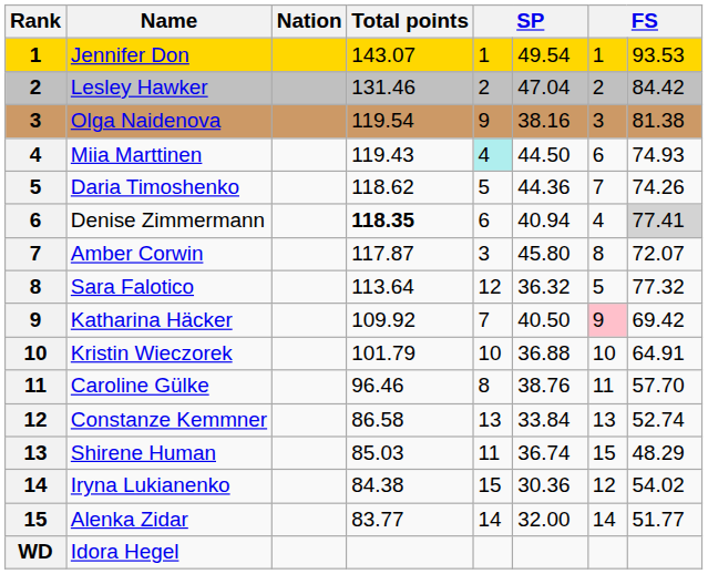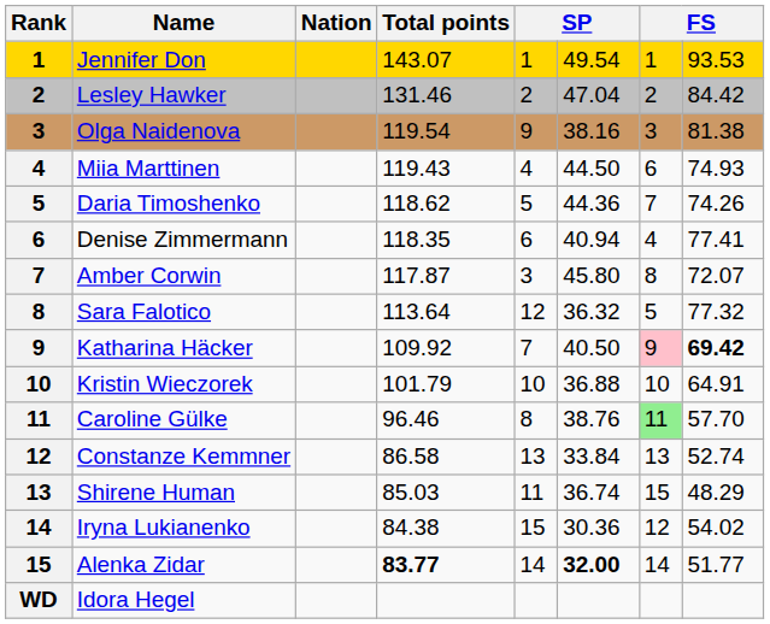 <table class="wikitable">
 <tr>
 <th>Rank</th>
 <th>Name</th>
 <th>Nation</th>
 <th>Total points</th>
 <th colspan="2" width="80px"><a href='#'>SP</a></th>
 <th colspan="2" width="80px"><a href='#'>FS</a></th>
 </tr>
 <tr bgcolor="gold">
 <td align="center"><strong>1</strong></td>
 <td><a href='#'>Jennifer Don</a></td>
 <td></td>
 <td>143.07</td>
 <td>1</td>
 <td>49.54</td>
 <td>1</td>
 <td>93.53</td>
 </tr>
 <tr bgcolor="silver">
 <td align="center"><strong>2</strong></td>
 <td><a href='#'>Lesley Hawker</a></td>
 <td></td>
 <td>131.46</td>
 <td>2</td>
 <td>47.04</td>
 <td>2</td>
 <td>84.42</td>
 </tr>
 <tr bgcolor="cc9966">
 <td align="center"><strong>3</strong></td>
 <td><a href='#'>Olga Naidenova</a></td>
 <td></td>
 <td>119.54</td>
 <td>9</td>
 <td>38.16</td>
 <td>3</td>
 <td>81.38</td>
 </tr>
 <tr>
 <th>4</th>
 <td><a href='#'>Miia Marttinen</a></td>
 <td></td>
 <td>119.43</td>
-<td style="background: paleturquoise;">4</td>
+<td>4</td>
 <td>44.50</td>
 <td>6</td>
 <td>74.93</td>
 </tr>
 <tr>
 <th>5</th>
 <td><a href='#'>Daria Timoshenko</a></td>
 <td></td>
 <td>118.62</td>
 <td>5</td>
 <td>44.36</td>
 <td>7</td>
 <td>74.26</td>
 </tr>
 <tr>
 <th>6</th>
 <td>Denise Zimmermann</td>
 <td></td>
-<td><strong>118.35</strong></td>
+<td>118.35</td>
 <td>6</td>
 <td>40.94</td>
 <td>4</td>
-<td style="background: lightgrey;">77.41</td>
+<td>77.41</td>
 </tr>
 <tr>
 <th>7</th>
 <td><a href='#'>Amber Corwin</a></td>
 <td></td>
 <td>117.87</td>
 <td>3</td>
 <td>45.80</td>
 <td>8</td>
 <td>72.07</td>
 </tr>
 <tr>
 <th>8</th>
 <td><a href='#'>Sara Falotico</a></td>
 <td></td>
 <td>113.64</td>
 <td>12</td>
 <td>36.32</td>
 <td>5</td>
 <td>77.32</td>
 </tr>
 <tr>
 <th>9</th>
 <td><a href='#'>Katharina Häcker</a></td>
 <td></td>
 <td>109.92</td>
 <td>7</td>
 <td>40.50</td>
 <td style="background: pink;">9</td>
-<td>69.42</td>
+<td><strong>69.42</strong></td>
 </tr>
 <tr>
 <th>10</th>
 <td><a href='#'>Kristin Wieczorek</a></td>
 <td></td>
 <td>101.79</td>
 <td>10</td>
 <td>36.88</td>
 <td>10</td>
 <td>64.91</td>
 </tr>
 <tr>
 <th>11</th>
 <td><a href='#'>Caroline Gülke</a></td>
 <td></td>
 <td>96.46</td>
 <td>8</td>
 <td>38.76</td>
-<td>11</td>
+<td style="background: lightgreen;">11</td>
 <td>57.70</td>
 </tr>
 <tr>
 <th>12</th>
 <td><a href='#'>Constanze Kemmner</a></td>
 <td></td>
 <td>86.58</td>
 <td>13</td>
 <td>33.84</td>
 <td>13</td>
 <td>52.74</td>
 </tr>
 <tr>
 <th>13</th>
 <td><a href='#'>Shirene Human</a></td>
 <td></td>
 <td>85.03</td>
 <td>11</td>
 <td>36.74</td>
 <td>15</td>
 <td>48.29</td>
 </tr>
 <tr>
 <th>14</th>
 <td><a href='#'>Iryna Lukianenko</a></td>
 <td></td>
 <td>84.38</td>
 <td>15</td>
 <td>30.36</td>
 <td>12</td>
 <td>54.02</td>
 </tr>
 <tr>
 <th>15</th>
 <td><a href='#'>Alenka Zidar</a></td>
 <td></td>
-<td>83.77</td>
+<td><strong>83.77</strong></td>
 <td>14</td>
-<td>32.00</td>
+<td><strong>32.00</strong></td>
 <td>14</td>
 <td>51.77</td>
 </tr>
 <tr>
 <th>WD</th>
 <td><a href='#'>Idora Hegel</a></td>
 <td></td>
 <td></td>
 <td></td>
 <td></td>
 <td></td>
 <td></td>
 </tr>
 </table>
